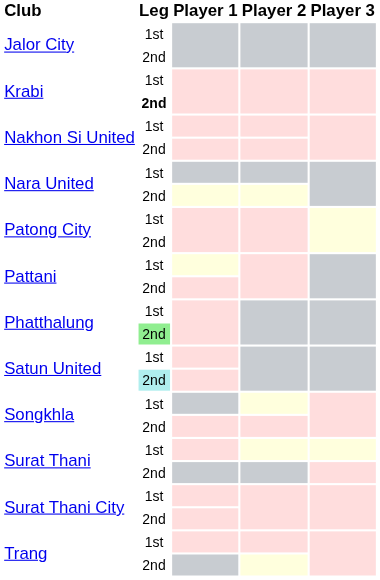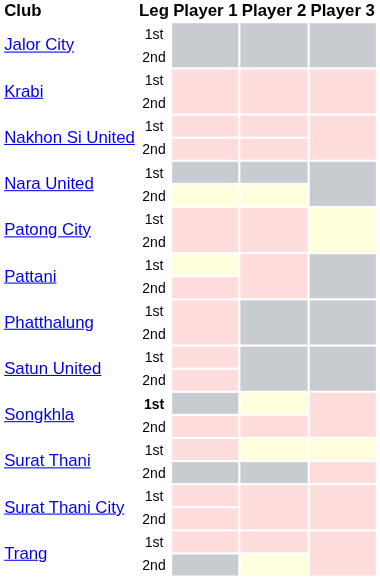 <table class="sortable" style="text-align:left">
 <tr>
 <th>Club</th>
 <th>Leg</th>
 <th>Player 1</th>
 <th>Player 2</th>
 <th>Player 3</th>
 </tr>
 <tr>
 <td rowspan="2"><a href='#'>Jalor City</a></td>
 <td align="center"><small>1st</small></td>
 <td bgcolor="#c8ccd1"rowspan="2"></td>
 <td bgcolor="#c8ccd1"rowspan="2"></td>
 <td bgcolor="#c8ccd1"rowspan="2"></td>
 </tr>
 <tr>
 <td align="center"><small>2nd</small></td>
 </tr>
 <tr>
 <td rowspan="2"><a href='#'>Krabi</a></td>
 <td align="center"><small>1st</small></td>
 <td bgcolor="#ffdddd"rowspan="2"></td>
 <td bgcolor="#ffdddd"rowspan="2"></td>
 <td bgcolor="#ffdddd"rowspan="2"></td>
 </tr>
 <tr>
-<td align="center"><strong><small>2nd</small></strong></td>
+<td align="center"><small>2nd</small></td>
 </tr>
 <tr>
 <td rowspan="2"><a href='#'>Nakhon Si United</a></td>
 <td align="center"><small>1st</small></td>
 <td bgcolor="#ffdddd"></td>
 <td bgcolor="#ffdddd"></td>
 <td bgcolor="#ffdddd"rowspan="2"></td>
 </tr>
 <tr>
 <td align="center"><small>2nd</small></td>
 <td bgcolor="#ffdddd"></td>
 <td bgcolor="#ffdddd"></td>
 </tr>
 <tr>
 <td rowspan="2"><a href='#'>Nara United</a></td>
 <td align="center"><small>1st</small></td>
 <td bgcolor="#c8ccd1"></td>
 <td bgcolor="#c8ccd1"></td>
 <td bgcolor="#c8ccd1"rowspan="2"></td>
 </tr>
 <tr>
 <td align="center"><small>2nd</small></td>
 <td bgcolor="#ffffdd"></td>
 <td bgcolor="#ffffdd"></td>
 </tr>
 <tr>
 <td rowspan="2"><a href='#'>Patong City</a></td>
 <td align="center"><small>1st</small></td>
 <td bgcolor="#ffdddd"rowspan="2"></td>
 <td bgcolor="#ffdddd"rowspan="2"></td>
 <td bgcolor="#ffffdd"rowspan="2"></td>
 </tr>
 <tr>
 <td align="center"><small>2nd</small></td>
 </tr>
 <tr>
 <td rowspan="2"><a href='#'>Pattani</a></td>
 <td align="center"><small>1st</small></td>
 <td bgcolor="#ffffdd"></td>
 <td bgcolor="#ffdddd"rowspan="2"></td>
 <td bgcolor="#c8ccd1"rowspan="2"></td>
 </tr>
 <tr>
 <td align="center"><small>2nd</small></td>
 <td bgcolor="#ffdddd"></td>
 </tr>
 <tr>
 <td rowspan="2"><a href='#'>Phatthalung</a></td>
 <td align="center"><small>1st</small></td>
 <td bgcolor="#ffdddd"rowspan="2"></td>
 <td bgcolor="#c8ccd1"rowspan="2"></td>
 <td bgcolor="#c8ccd1"rowspan="2"></td>
 </tr>
 <tr>
-<td align="center" style="background: lightgreen;"><small>2nd</small></td>
+<td align="center"><small>2nd</small></td>
 </tr>
 <tr>
 <td rowspan="2"><a href='#'>Satun United</a></td>
 <td align="center"><small>1st</small></td>
 <td bgcolor="#ffdddd"></td>
 <td bgcolor="#c8ccd1"rowspan="2"></td>
 <td bgcolor="#c8ccd1"rowspan="2"></td>
 </tr>
 <tr>
-<td align="center" style="background: paleturquoise;"><small>2nd</small></td>
+<td align="center"><small>2nd</small></td>
 <td bgcolor="#ffdddd"></td>
 </tr>
 <tr>
 <td rowspan="2"><a href='#'>Songkhla</a></td>
-<td align="center"><small>1st</small></td>
+<td align="center"><strong><small>1st</small></strong></td>
 <td bgcolor="#c8ccd1"></td>
 <td bgcolor="#ffffdd"></td>
 <td bgcolor="#ffdddd"rowspan="2"></td>
 </tr>
 <tr>
 <td align="center"><small>2nd</small></td>
 <td bgcolor="#ffdddd"></td>
 <td bgcolor="#ffdddd"></td>
 </tr>
 <tr>
 <td rowspan="2"><a href='#'>Surat Thani</a></td>
 <td align="center"><small>1st</small></td>
 <td bgcolor="#ffdddd"></td>
 <td bgcolor="#ffffdd"></td>
 <td bgcolor="#ffffdd"></td>
 </tr>
 <tr>
 <td align="center"><small>2nd</small></td>
 <td bgcolor="#c8ccd1"></td>
 <td bgcolor="#c8ccd1"></td>
 <td bgcolor="#ffdddd"></td>
 </tr>
 <tr>
 <td rowspan="2"><a href='#'>Surat Thani City</a></td>
 <td align="center"><small>1st</small></td>
 <td bgcolor="#ffdddd"></td>
 <td bgcolor="#ffdddd"rowspan="2"></td>
 <td bgcolor="#ffdddd"rowspan="2"></td>
 </tr>
 <tr>
 <td align="center"><small>2nd</small></td>
 <td bgcolor="#ffdddd"></td>
 </tr>
 <tr>
 <td rowspan="2"><a href='#'>Trang</a></td>
 <td align="center"><small>1st</small></td>
 <td bgcolor="#ffdddd"></td>
 <td bgcolor="#ffdddd"></td>
 <td bgcolor="#ffdddd"rowspan="2"></td>
 </tr>
 <tr>
 <td align="center"><small>2nd</small></td>
 <td bgcolor="#c8ccd1"></td>
 <td bgcolor="#ffffdd"></td>
 </tr>
 </table>
